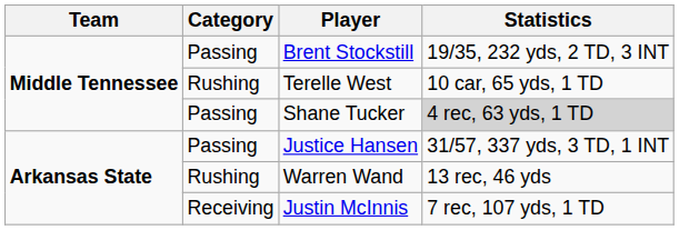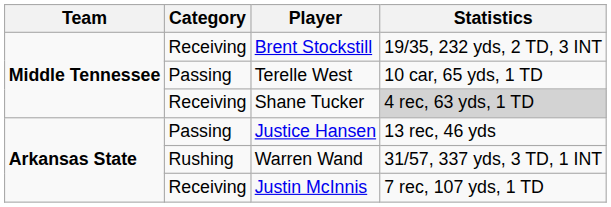 <table class="wikitable">
 <tr>
 <th>Team</th>
 <th>Category</th>
 <th>Player</th>
 <th>Statistics</th>
 </tr>
 <tr>
 <td rowspan=3><strong>Middle Tennessee</strong></td>
-<td>Passing</td>
+<td>Receiving</td>
 <td><a href='#'>Brent Stockstill</a></td>
 <td>19/35, 232 yds, 2 TD, 3 INT</td>
 </tr>
 <tr>
-<td>Rushing</td>
+<td>Passing</td>
 <td>Terelle West</td>
 <td>10 car, 65 yds, 1 TD</td>
 </tr>
 <tr>
-<td>Passing</td>
+<td>Receiving</td>
 <td>Shane Tucker</td>
 <td style="background: lightgrey;">4 rec, 63 yds, 1 TD</td>
 </tr>
 <tr>
 <td rowspan=3><strong>Arkansas State</strong></td>
 <td>Passing</td>
 <td><a href='#'>Justice Hansen</a></td>
-<td>31/57, 337 yds, 3 TD, 1 INT</td>
+<td>13 rec, 46 yds</td>
 </tr>
 <tr>
 <td>Rushing</td>
 <td>Warren Wand</td>
-<td>13 rec, 46 yds</td>
+<td>31/57, 337 yds, 3 TD, 1 INT</td>
 </tr>
 <tr>
 <td>Receiving</td>
 <td><a href='#'>Justin McInnis</a></td>
 <td>7 rec, 107 yds, 1 TD</td>
 </tr>
 </table>
